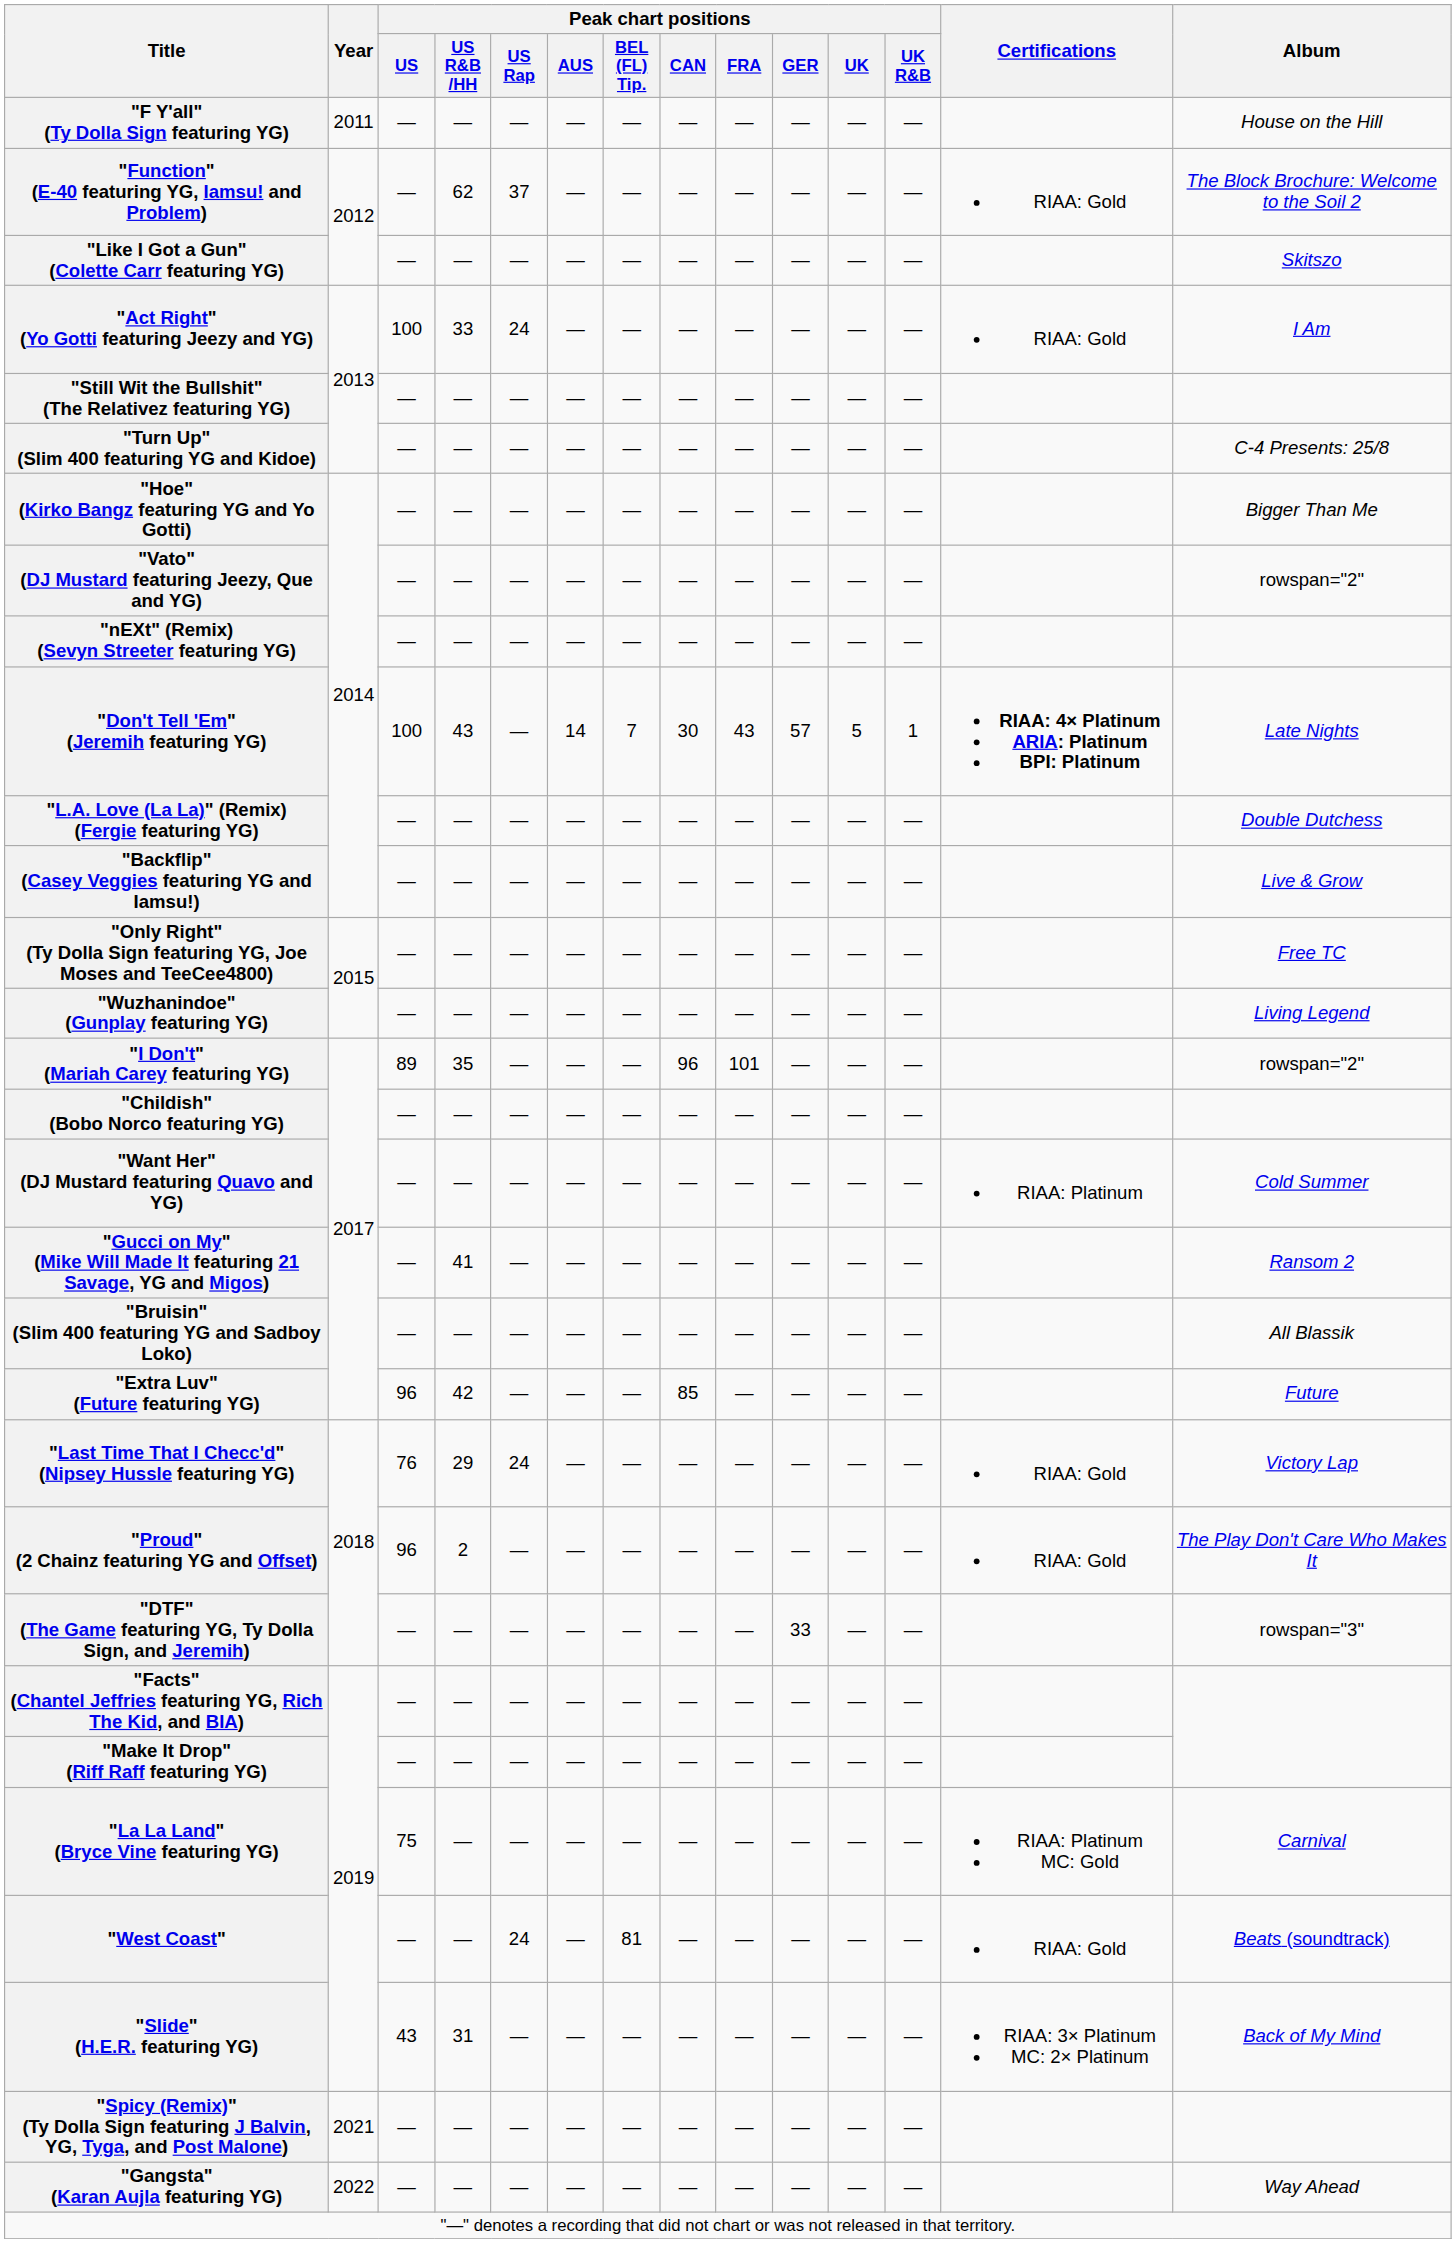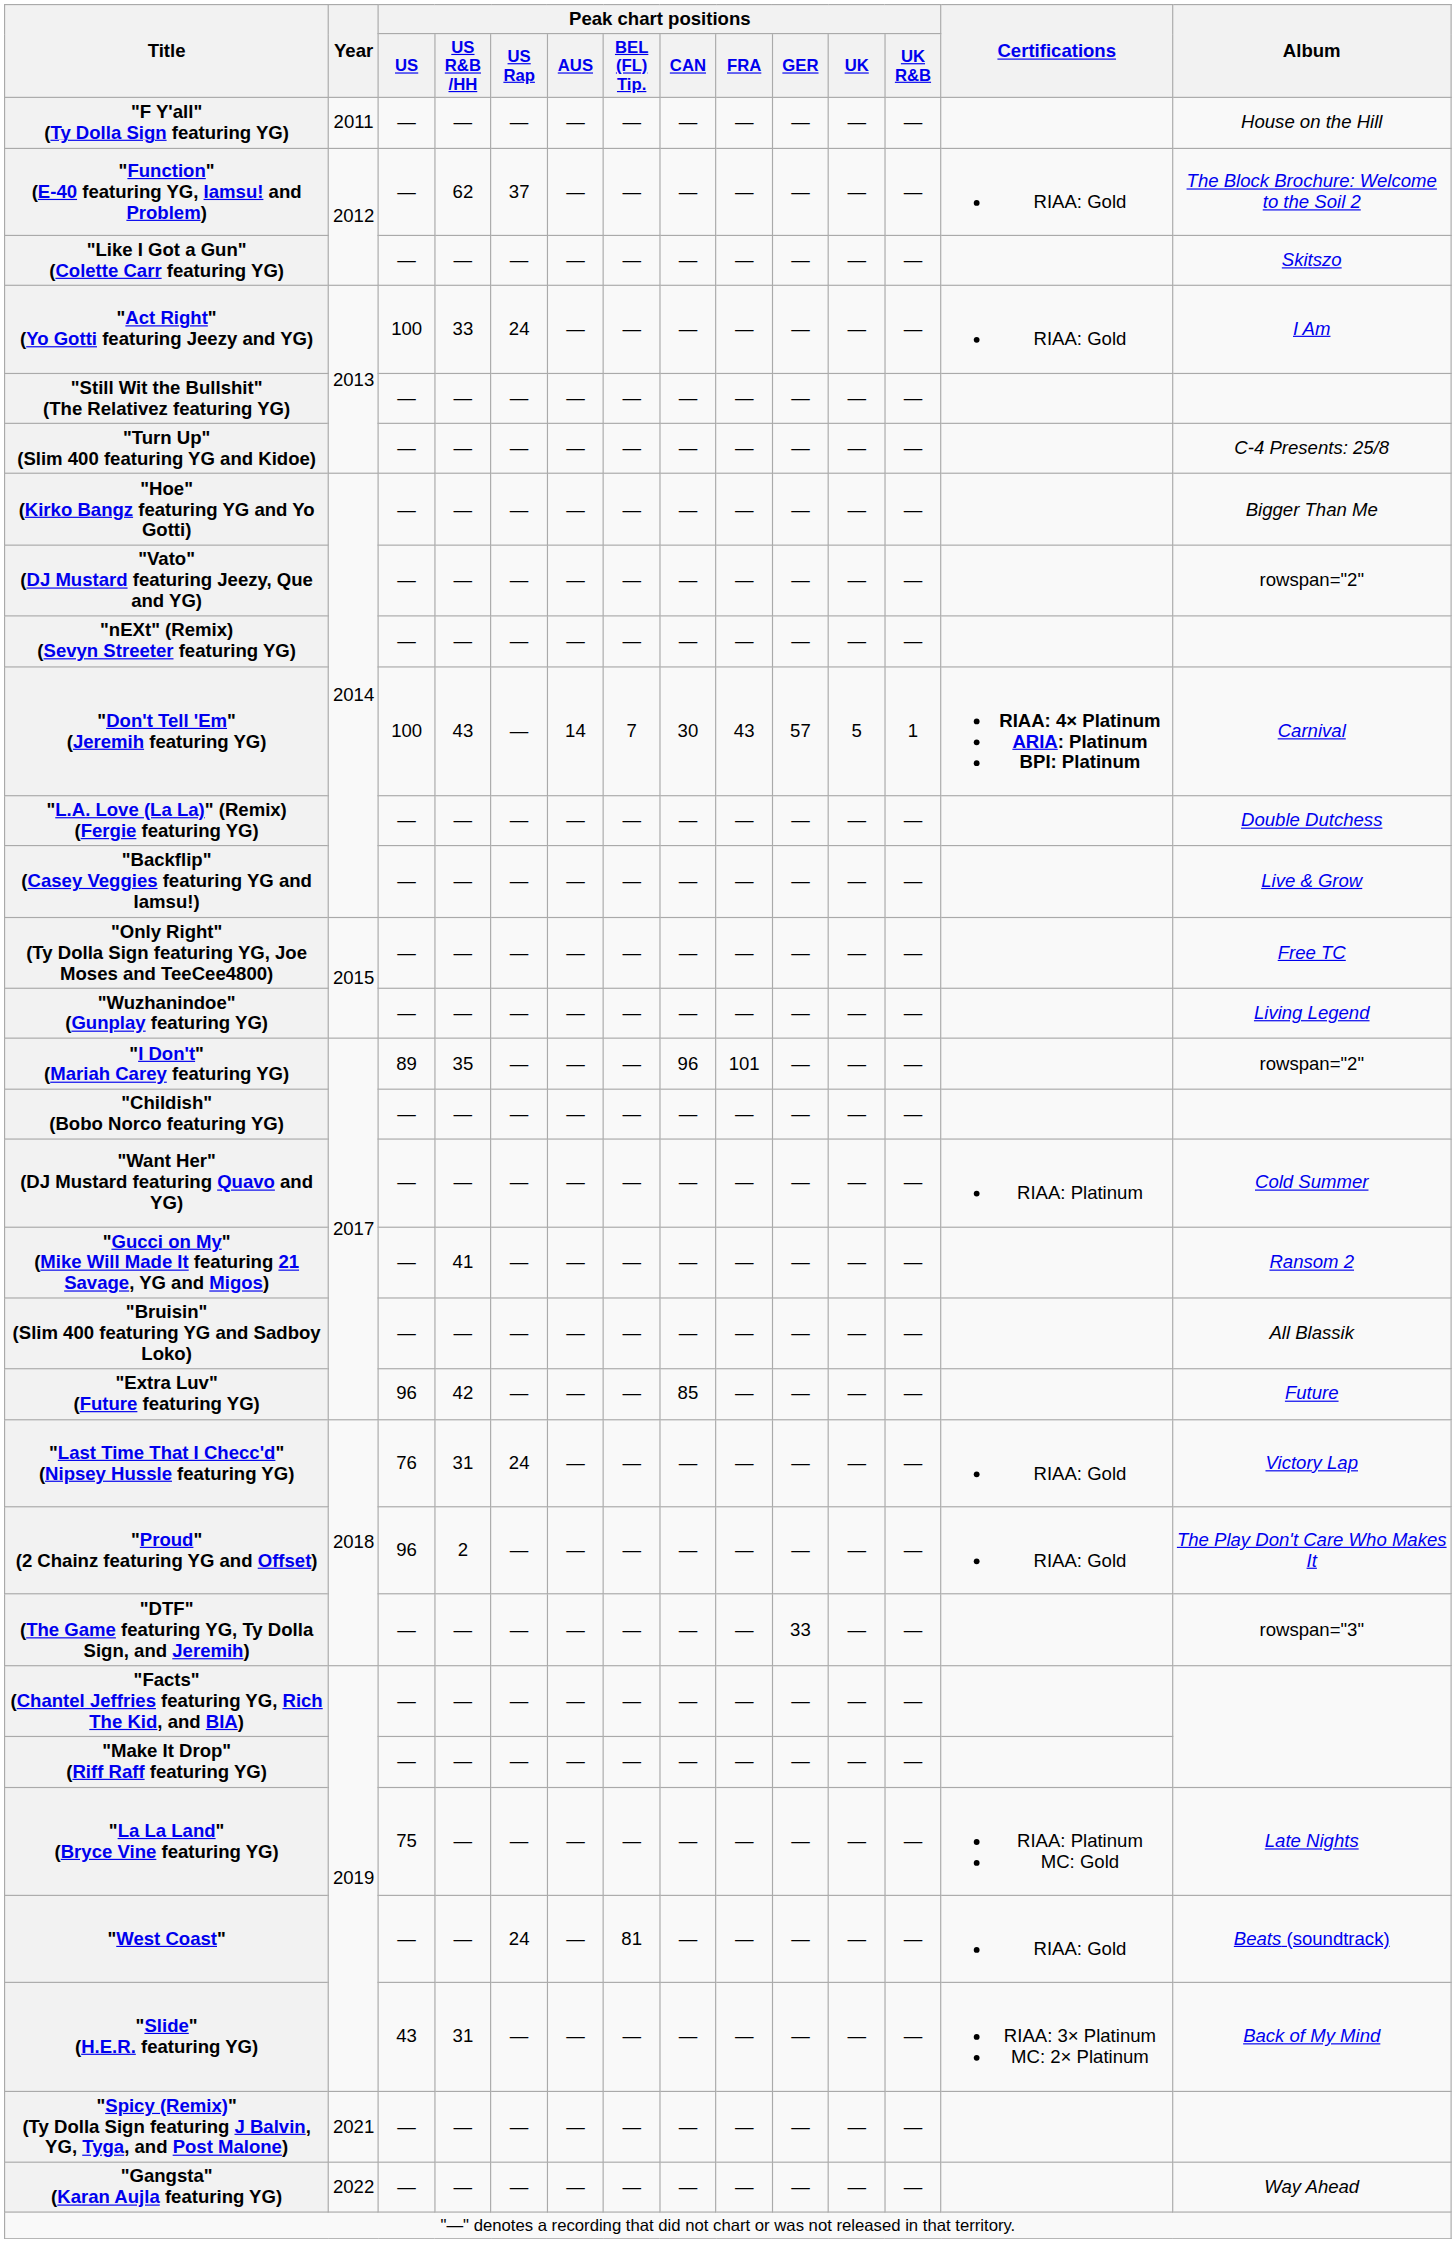 <table class="wikitable plainrowheaders" style="text-align:center;">
 <tr>
 <th scope="col" rowspan="2" style="width:17em;">Title</th>
 <th scope="col" rowspan="2">Year</th>
 <th scope="col" colspan="10">Peak chart positions</th>
 <th scope="col" rowspan="2" style="width:12em;"><a href='#'>Certifications</a></th>
 <th scope="col" rowspan="2">Album</th>
 </tr>
 <tr>
 <th scope="col" style="width:2.9em;font-size:90%;"><a href='#'>US</a><br></th>
 <th scope="col" style="width:2.9em;font-size:90%;"><a href='#'>US<br>R&B<br>/HH</a><br></th>
 <th scope="col" style="width:2.9em;font-size:90%;"><a href='#'>US<br>Rap</a><br></th>
 <th scope="col" style="width:2.9em;font-size:90%;"><a href='#'>AUS</a><br></th>
 <th scope="col" style="width:2.9em;font-size:90%;"><a href='#'>BEL<br>(FL)<br>Tip.</a><br></th>
 <th scope="col" style="width:2.9em;font-size:90%;"><a href='#'>CAN</a><br></th>
 <th scope="col" style="width:2.9em;font-size:90%;"><a href='#'>FRA</a><br></th>
 <th scope="col" style="width:2.9em;font-size:90%;"><a href='#'>GER</a><br></th>
 <th scope="col" style="width:2.9em;font-size:90%;"><a href='#'>UK</a><br></th>
 <th scope="col" style="width:2.9em;font-size:90%;"><a href='#'>UK<br>R&B</a><br></th>
 </tr>
 <tr>
 <th scope="row">"F Y'all"<br><span>(<a href='#'>Ty Dolla Sign</a> featuring YG)</span></th>
 <td>2011</td>
 <td>—</td>
 <td>—</td>
 <td>—</td>
 <td>—</td>
 <td>—</td>
 <td>—</td>
 <td>—</td>
 <td>—</td>
 <td>—</td>
 <td>—</td>
 <td></td>
 <td><em>House on the Hill</em></td>
 </tr>
 <tr>
 <th scope="row">"<a href='#'>Function</a>"<br><span>(<a href='#'>E-40</a> featuring YG, <a href='#'>Iamsu!</a> and <a href='#'>Problem</a>)</span></th>
 <td rowspan="2">2012</td>
 <td>—</td>
 <td>62</td>
 <td>37</td>
 <td>—</td>
 <td>—</td>
 <td>—</td>
 <td>—</td>
 <td>—</td>
 <td>—</td>
 <td>—</td>
 <td><br><ul><li>RIAA: Gold</li></ul></td>
 <td><em><a href='#'>The Block Brochure: Welcome to the Soil 2</a></em></td>
 </tr>
 <tr>
 <th scope="row">"Like I Got a Gun"<br><span>(<a href='#'>Colette Carr</a> featuring YG)</span></th>
 <td>—</td>
 <td>—</td>
 <td>—</td>
 <td>—</td>
 <td>—</td>
 <td>—</td>
 <td>—</td>
 <td>—</td>
 <td>—</td>
 <td>—</td>
 <td></td>
 <td><em><a href='#'>Skitszo</a></em></td>
 </tr>
 <tr>
 <th scope="row">"<a href='#'>Act Right</a>"<br><span>(<a href='#'>Yo Gotti</a> featuring Jeezy and YG)</span></th>
 <td rowspan="3">2013</td>
 <td>100</td>
 <td>33</td>
 <td>24</td>
 <td>—</td>
 <td>—</td>
 <td>—</td>
 <td>—</td>
 <td>—</td>
 <td>—</td>
 <td>—</td>
 <td><br><ul><li>RIAA: Gold</li></ul></td>
 <td><em><a href='#'>I Am</a></em></td>
 </tr>
 <tr>
 <th scope="row">"Still Wit the Bullshit"<br><span>(The Relativez featuring YG)</span></th>
 <td>—</td>
 <td>—</td>
 <td>—</td>
 <td>—</td>
 <td>—</td>
 <td>—</td>
 <td>—</td>
 <td>—</td>
 <td>—</td>
 <td>—</td>
 <td></td>
 <td></td>
 </tr>
 <tr>
 <th scope="row">"Turn Up"<br><span>(Slim 400 featuring YG and Kidoe)</span></th>
 <td>—</td>
 <td>—</td>
 <td>—</td>
 <td>—</td>
 <td>—</td>
 <td>—</td>
 <td>—</td>
 <td>—</td>
 <td>—</td>
 <td>—</td>
 <td></td>
 <td><em>C-4 Presents: 25/8</em></td>
 </tr>
 <tr>
 <th scope="row">"Hoe"<br><span>(<a href='#'>Kirko Bangz</a> featuring YG and Yo Gotti)</span></th>
 <td rowspan="6">2014</td>
 <td>—</td>
 <td>—</td>
 <td>—</td>
 <td>—</td>
 <td>—</td>
 <td>—</td>
 <td>—</td>
 <td>—</td>
 <td>—</td>
 <td>—</td>
 <td></td>
 <td><em>Bigger Than Me</em></td>
 </tr>
 <tr>
 <th scope="row">"Vato"<br><span>(<a href='#'>DJ Mustard</a> featuring Jeezy, Que and YG)</span></th>
 <td>—</td>
 <td>—</td>
 <td>—</td>
 <td>—</td>
 <td>—</td>
 <td>—</td>
 <td>—</td>
 <td>—</td>
 <td>—</td>
 <td>—</td>
 <td></td>
 <td>rowspan="2" </td>
 </tr>
 <tr>
 <th scope="row">"nEXt" (Remix)<br><span>(<a href='#'>Sevyn Streeter</a> featuring YG)</span></th>
 <td>—</td>
 <td>—</td>
 <td>—</td>
 <td>—</td>
 <td>—</td>
 <td>—</td>
 <td>—</td>
 <td>—</td>
 <td>—</td>
 <td>—</td>
 <td></td>
 </tr>
 <tr>
 <th scope="row">"<a href='#'>Don't Tell 'Em</a>"<br><span>(<a href='#'>Jeremih</a> featuring YG)</span></th>
 <td>100</td>
 <td>43</td>
 <td>—</td>
 <td>14</td>
 <td>7</td>
 <td>30</td>
 <td>43</td>
 <td>57</td>
 <td>5</td>
 <td>1</td>
 <td><strong><br><ul><li>RIAA: 4× Platinum</li><li><a href='#'>ARIA</a>: Platinum</li><li>BPI: Platinum</li></ul></strong></td>
-<td><em><a href='#'>Late Nights</a></em></td>
+<td><em><a href='#'>Carnival</a></em></td>
 </tr>
 <tr>
 <th scope="row">"<a href='#'>L.A. Love (La La)</a>" (Remix)<br><span>(<a href='#'>Fergie</a> featuring YG)</span></th>
 <td>—</td>
 <td>—</td>
 <td>—</td>
 <td>—</td>
 <td>—</td>
 <td>—</td>
 <td>—</td>
 <td>—</td>
 <td>—</td>
 <td>—</td>
 <td></td>
 <td><em><a href='#'>Double Dutchess</a></em></td>
 </tr>
 <tr>
 <th scope="row">"Backflip"<br><span>(<a href='#'>Casey Veggies</a> featuring YG and Iamsu!)</span></th>
 <td>—</td>
 <td>—</td>
 <td>—</td>
 <td>—</td>
 <td>—</td>
 <td>—</td>
 <td>—</td>
 <td>—</td>
 <td>—</td>
 <td>—</td>
 <td></td>
 <td><em><a href='#'>Live & Grow</a></em></td>
 </tr>
 <tr>
 <th scope="row">"Only Right"<br><span>(Ty Dolla Sign featuring YG, Joe Moses and TeeCee4800)</span></th>
 <td rowspan="2">2015</td>
 <td>—</td>
 <td>—</td>
 <td>—</td>
 <td>—</td>
 <td>—</td>
 <td>—</td>
 <td>—</td>
 <td>—</td>
 <td>—</td>
 <td>—</td>
 <td></td>
 <td><em><a href='#'>Free TC</a></em></td>
 </tr>
 <tr>
 <th scope="row">"Wuzhanindoe"<br><span>(<a href='#'>Gunplay</a> featuring YG)</span></th>
 <td>—</td>
 <td>—</td>
 <td>—</td>
 <td>—</td>
 <td>—</td>
 <td>—</td>
 <td>—</td>
 <td>—</td>
 <td>—</td>
 <td>—</td>
 <td></td>
 <td><em><a href='#'>Living Legend</a></em></td>
 </tr>
 <tr>
 <th scope="row">"<a href='#'>I Don't</a>"<br><span>(<a href='#'>Mariah Carey</a> featuring YG)</span></th>
 <td rowspan="6">2017</td>
 <td>89</td>
 <td>35</td>
 <td>—</td>
 <td>—</td>
 <td>—</td>
 <td>96</td>
 <td>101</td>
 <td>—</td>
 <td>—</td>
 <td>—</td>
 <td></td>
 <td>rowspan="2" </td>
 </tr>
 <tr>
 <th scope="row">"Childish"<br><span>(Bobo Norco featuring YG)</span></th>
 <td>—</td>
 <td>—</td>
 <td>—</td>
 <td>—</td>
 <td>—</td>
 <td>—</td>
 <td>—</td>
 <td>—</td>
 <td>—</td>
 <td>—</td>
 <td></td>
 </tr>
 <tr>
 <th scope="row">"Want Her"<br><span>(DJ Mustard featuring <a href='#'>Quavo</a> and YG)</span></th>
 <td>—</td>
 <td>—</td>
 <td>—</td>
 <td>—</td>
 <td>—</td>
 <td>—</td>
 <td>—</td>
 <td>—</td>
 <td>—</td>
 <td>—</td>
 <td><br><ul><li>RIAA: Platinum</li></ul></td>
 <td><em><a href='#'>Cold Summer</a></em></td>
 </tr>
 <tr>
 <th scope="row">"<a href='#'>Gucci on My</a>"<br><span>(<a href='#'>Mike Will Made It</a> featuring <a href='#'>21 Savage</a>, YG and <a href='#'>Migos</a>)</span></th>
 <td>—</td>
 <td>41</td>
 <td>—</td>
 <td>—</td>
 <td>—</td>
 <td>—</td>
 <td>—</td>
 <td>—</td>
 <td>—</td>
 <td>—</td>
 <td></td>
 <td><em><a href='#'>Ransom 2</a></em></td>
 </tr>
 <tr>
 <th scope="row">"Bruisin"<br><span>(Slim 400 featuring YG and Sadboy Loko)</span></th>
 <td>—</td>
 <td>—</td>
 <td>—</td>
 <td>—</td>
 <td>—</td>
 <td>—</td>
 <td>—</td>
 <td>—</td>
 <td>—</td>
 <td>—</td>
 <td></td>
 <td><em>All Blassik</em></td>
 </tr>
 <tr>
 <th scope="row">"Extra Luv"<br><span>(<a href='#'>Future</a> featuring YG)</span></th>
 <td>96</td>
 <td>42</td>
 <td>—</td>
 <td>—</td>
 <td>—</td>
 <td>85</td>
 <td>—</td>
 <td>—</td>
 <td>—</td>
 <td>—</td>
 <td></td>
 <td><em><a href='#'>Future</a></em></td>
 </tr>
 <tr>
 <th scope="row">"<a href='#'>Last Time That I Checc'd</a>"<br><span>(<a href='#'>Nipsey Hussle</a> featuring YG)</span></th>
 <td rowspan="3">2018</td>
 <td>76</td>
-<td>29</td>
+<td>31</td>
 <td>24</td>
 <td>—</td>
 <td>—</td>
 <td>—</td>
 <td>—</td>
 <td>—</td>
 <td>—</td>
 <td>—</td>
 <td><br><ul><li>RIAA: Gold</li></ul></td>
 <td><em><a href='#'>Victory Lap</a></em></td>
 </tr>
 <tr>
 <th scope="row">"<a href='#'>Proud</a>"<br><span>(2 Chainz featuring YG and <a href='#'>Offset</a>)</span></th>
 <td>96</td>
 <td>2</td>
 <td>—</td>
 <td>—</td>
 <td>—</td>
 <td>—</td>
 <td>—</td>
 <td>—</td>
 <td>—</td>
 <td>—</td>
 <td><br><ul><li>RIAA: Gold</li></ul></td>
 <td><em><a href='#'>The Play Don't Care Who Makes It</a></em></td>
 </tr>
 <tr>
 <th scope="row">"DTF"<br><span>(<a href='#'>The Game</a> featuring YG, Ty Dolla Sign, and <a href='#'>Jeremih</a>)</span></th>
 <td>—</td>
 <td>—</td>
 <td>—</td>
 <td>—</td>
 <td>—</td>
 <td>—</td>
 <td>—</td>
 <td>33</td>
 <td>—</td>
 <td>—</td>
 <td></td>
 <td>rowspan="3" </td>
 </tr>
 <tr>
 <th scope="row">"Facts"<br><span>(<a href='#'>Chantel Jeffries</a> featuring YG, <a href='#'>Rich The Kid</a>, and <a href='#'>BIA</a>)</span></th>
 <td rowspan="5">2019</td>
 <td>—</td>
 <td>—</td>
 <td>—</td>
 <td>—</td>
 <td>—</td>
 <td>—</td>
 <td>—</td>
 <td>—</td>
 <td>—</td>
 <td>—</td>
 <td></td>
 </tr>
 <tr>
 <th scope="row">"Make It Drop"<br><span>(<a href='#'>Riff Raff</a> featuring YG)</span></th>
 <td>—</td>
 <td>—</td>
 <td>—</td>
 <td>—</td>
 <td>—</td>
 <td>—</td>
 <td>—</td>
 <td>—</td>
 <td>—</td>
 <td>—</td>
 <td></td>
 </tr>
 <tr>
 <th scope="row">"<a href='#'>La La Land</a>"<br><span>(<a href='#'>Bryce Vine</a> featuring YG)</span></th>
 <td>75</td>
 <td>—</td>
 <td>—</td>
 <td>—</td>
 <td>—</td>
 <td>—</td>
 <td>—</td>
 <td>—</td>
 <td>—</td>
 <td>—</td>
 <td><br><ul><li>RIAA: Platinum</li><li>MC: Gold</li></ul></td>
-<td><em><a href='#'>Carnival</a></em></td>
+<td><em><a href='#'>Late Nights</a></em></td>
 </tr>
 <tr>
 <th scope="row">"<a href='#'>West Coast</a>"<br></th>
 <td>—</td>
 <td>—</td>
 <td>24</td>
 <td>—</td>
 <td>81</td>
 <td>—</td>
 <td>—</td>
 <td>—</td>
 <td>—</td>
 <td>—</td>
 <td><br><ul><li>RIAA: Gold</li></ul></td>
 <td><a href='#'><em>Beats</em> (soundtrack)</a></td>
 </tr>
 <tr>
 <th scope="row">"<a href='#'>Slide</a>"<br><span>(<a href='#'>H.E.R.</a> featuring YG)</span></th>
 <td>43</td>
 <td>31</td>
 <td>—</td>
 <td>—</td>
 <td>—</td>
 <td>—</td>
 <td>—</td>
 <td>—</td>
 <td>—</td>
 <td>—</td>
 <td><br><ul><li>RIAA: 3× Platinum</li><li>MC: 2× Platinum</li></ul></td>
 <td><em><a href='#'>Back of My Mind</a></em></td>
 </tr>
 <tr>
 <th scope="row">"<a href='#'>Spicy (Remix)</a>"<br><span>(Ty Dolla Sign featuring <a href='#'>J Balvin</a>, YG, <a href='#'>Tyga</a>, and <a href='#'>Post Malone</a>)</span></th>
 <td>2021</td>
 <td>—</td>
 <td>—</td>
 <td>—</td>
 <td>—</td>
 <td>—</td>
 <td>—</td>
 <td>—</td>
 <td>—</td>
 <td>—</td>
 <td>—</td>
 <td></td>
 <td></td>
 </tr>
 <tr>
 <th scope="row">"Gangsta"<br><span>(<a href='#'>Karan Aujla</a> featuring YG)</span></th>
 <td>2022</td>
 <td>—</td>
 <td>—</td>
 <td>—</td>
 <td>—</td>
 <td>—</td>
 <td>—</td>
 <td>—</td>
 <td>—</td>
 <td>—</td>
 <td>—</td>
 <td></td>
 <td><em>Way Ahead</em></td>
 </tr>
 <tr>
 <td colspan="14" style="font-size:90%">"—" denotes a recording that did not chart or was not released in that territory.</td>
 </tr>
 </table>
